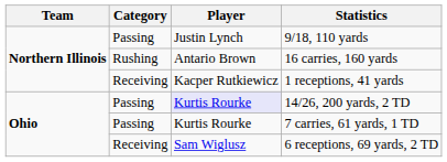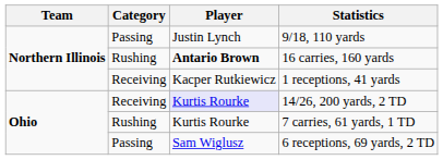 <table class="wikitable" style="float: right;">
 <tr>
 <th>Team</th>
 <th>Category</th>
 <th>Player</th>
 <th>Statistics</th>
 </tr>
 <tr>
 <td rowspan=3><strong>Northern Illinois</strong></td>
 <td>Passing</td>
 <td>Justin Lynch</td>
 <td>9/18, 110 yards</td>
 </tr>
 <tr>
 <td>Rushing</td>
-<td>Antario Brown</td>
+<td><strong>Antario Brown</strong></td>
 <td>16 carries, 160 yards</td>
 </tr>
 <tr>
 <td>Receiving</td>
 <td>Kacper Rutkiewicz</td>
 <td>1 receptions, 41 yards</td>
 </tr>
 <tr>
 <td rowspan=3><strong>Ohio</strong></td>
-<td>Passing</td>
+<td>Receiving</td>
 <td style="background: lavender;"><a href='#'>Kurtis Rourke</a></td>
 <td>14/26, 200 yards, 2 TD</td>
 </tr>
 <tr>
-<td>Passing</td>
+<td>Rushing</td>
 <td>Kurtis Rourke</td>
 <td>7 carries, 61 yards, 1 TD</td>
 </tr>
 <tr>
-<td>Receiving</td>
+<td>Passing</td>
 <td><a href='#'>Sam Wiglusz</a></td>
 <td>6 receptions, 69 yards, 2 TD</td>
 </tr>
 </table>
